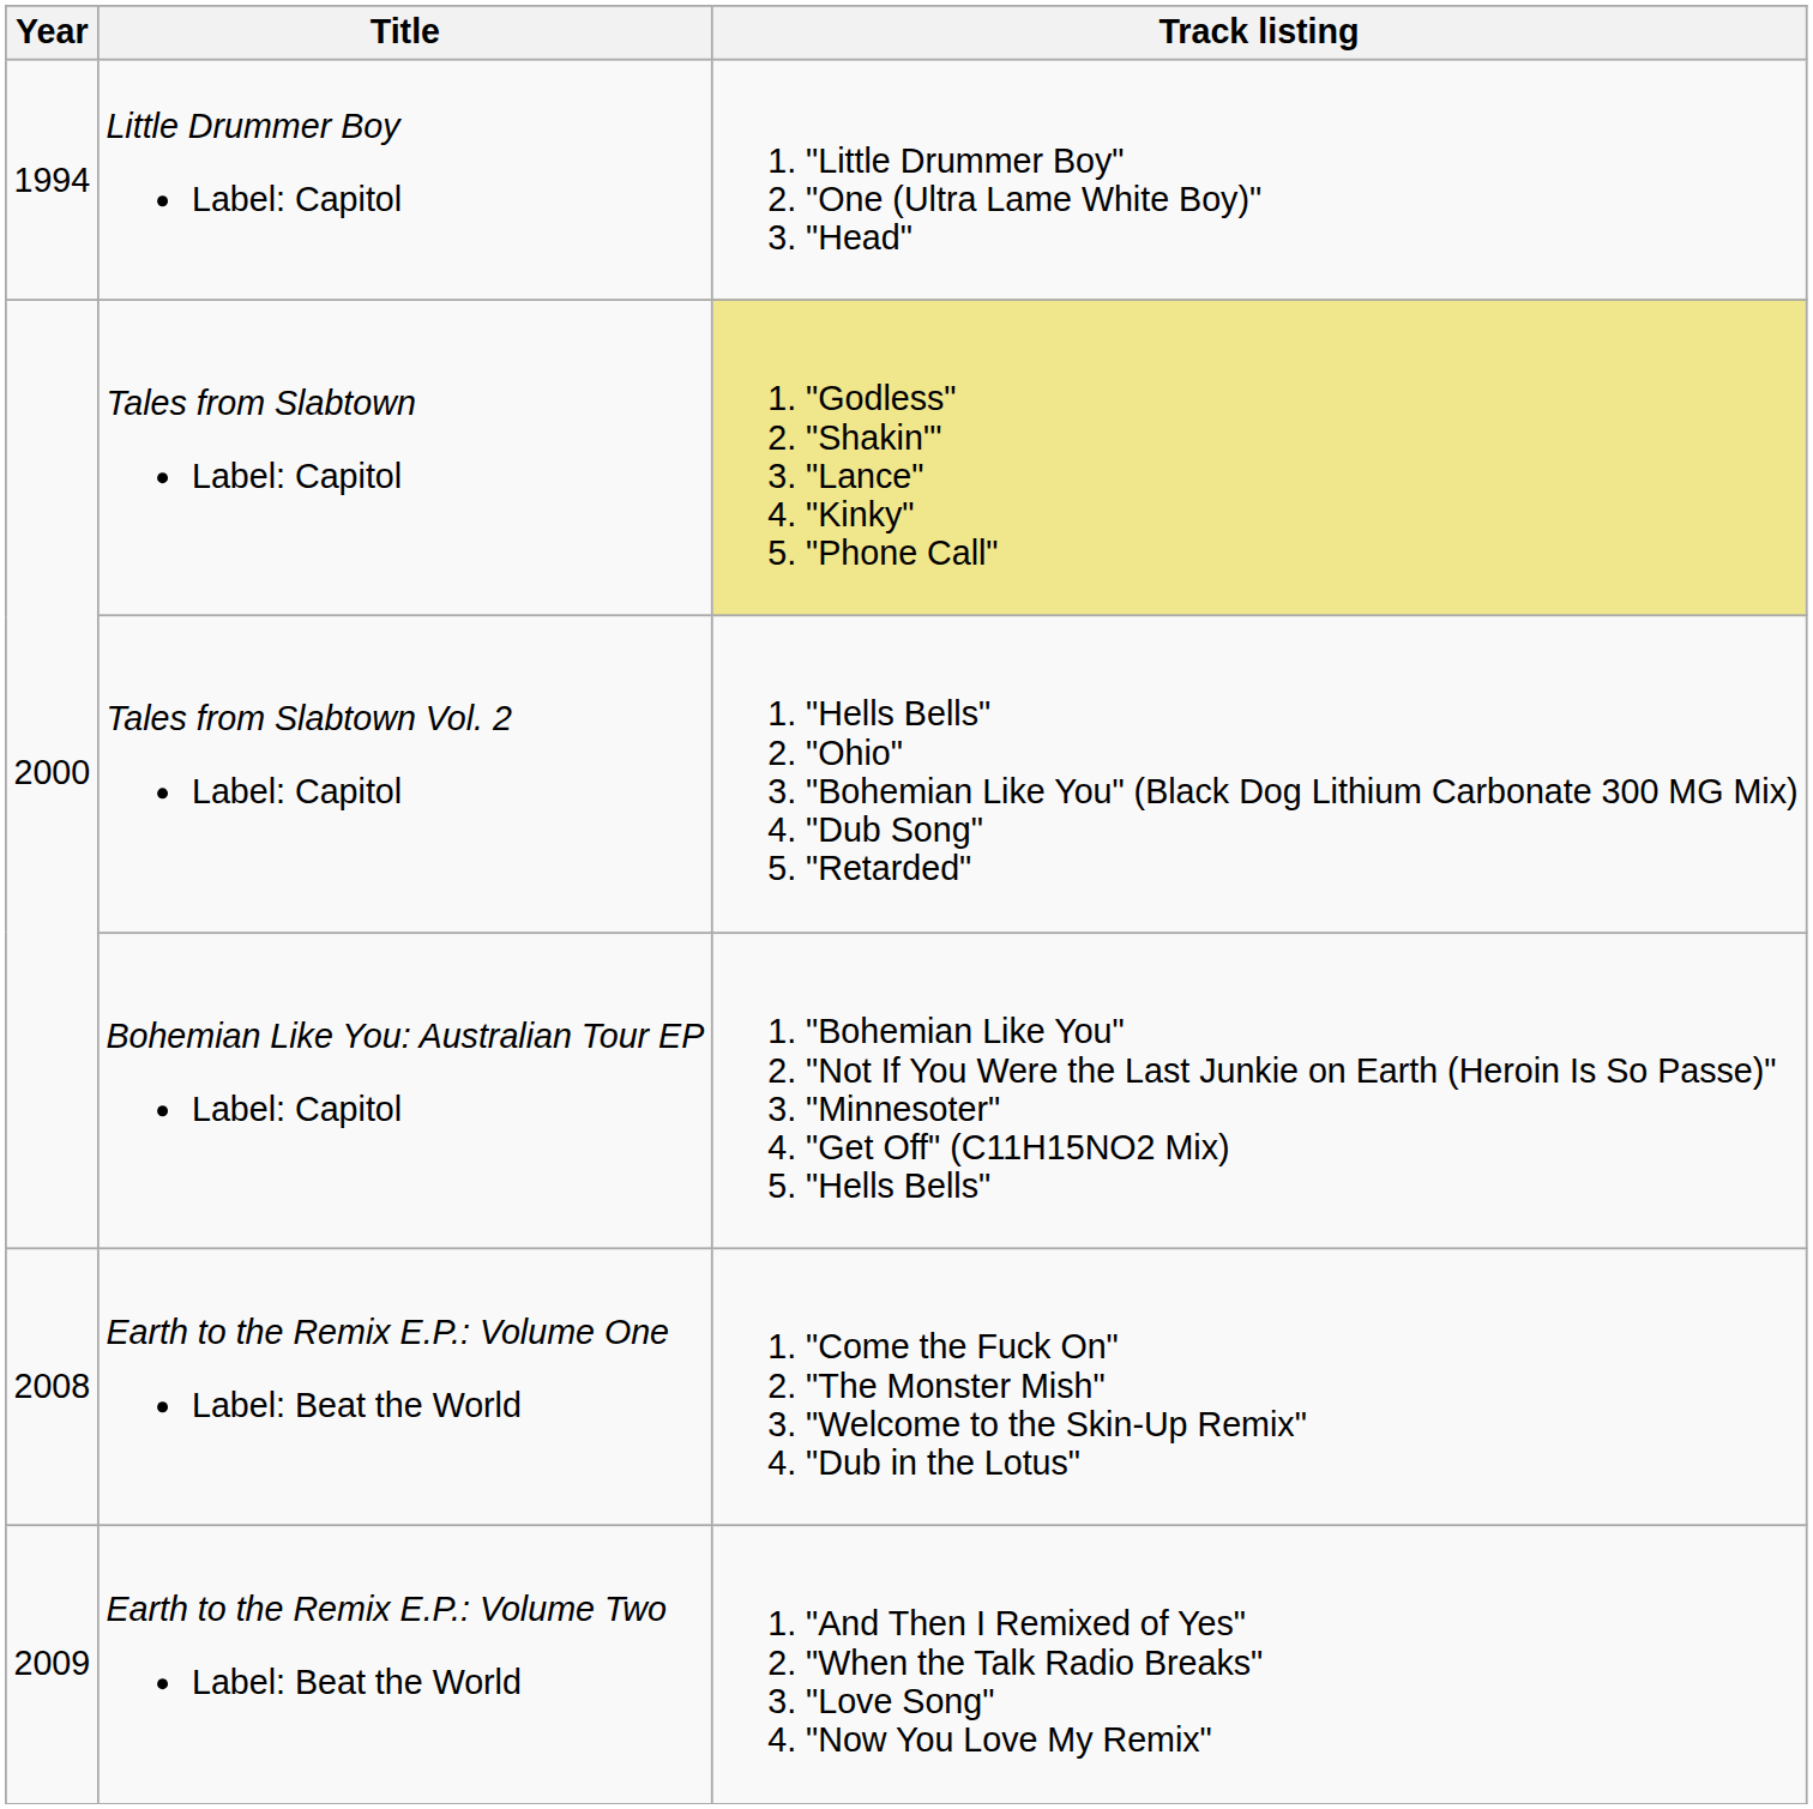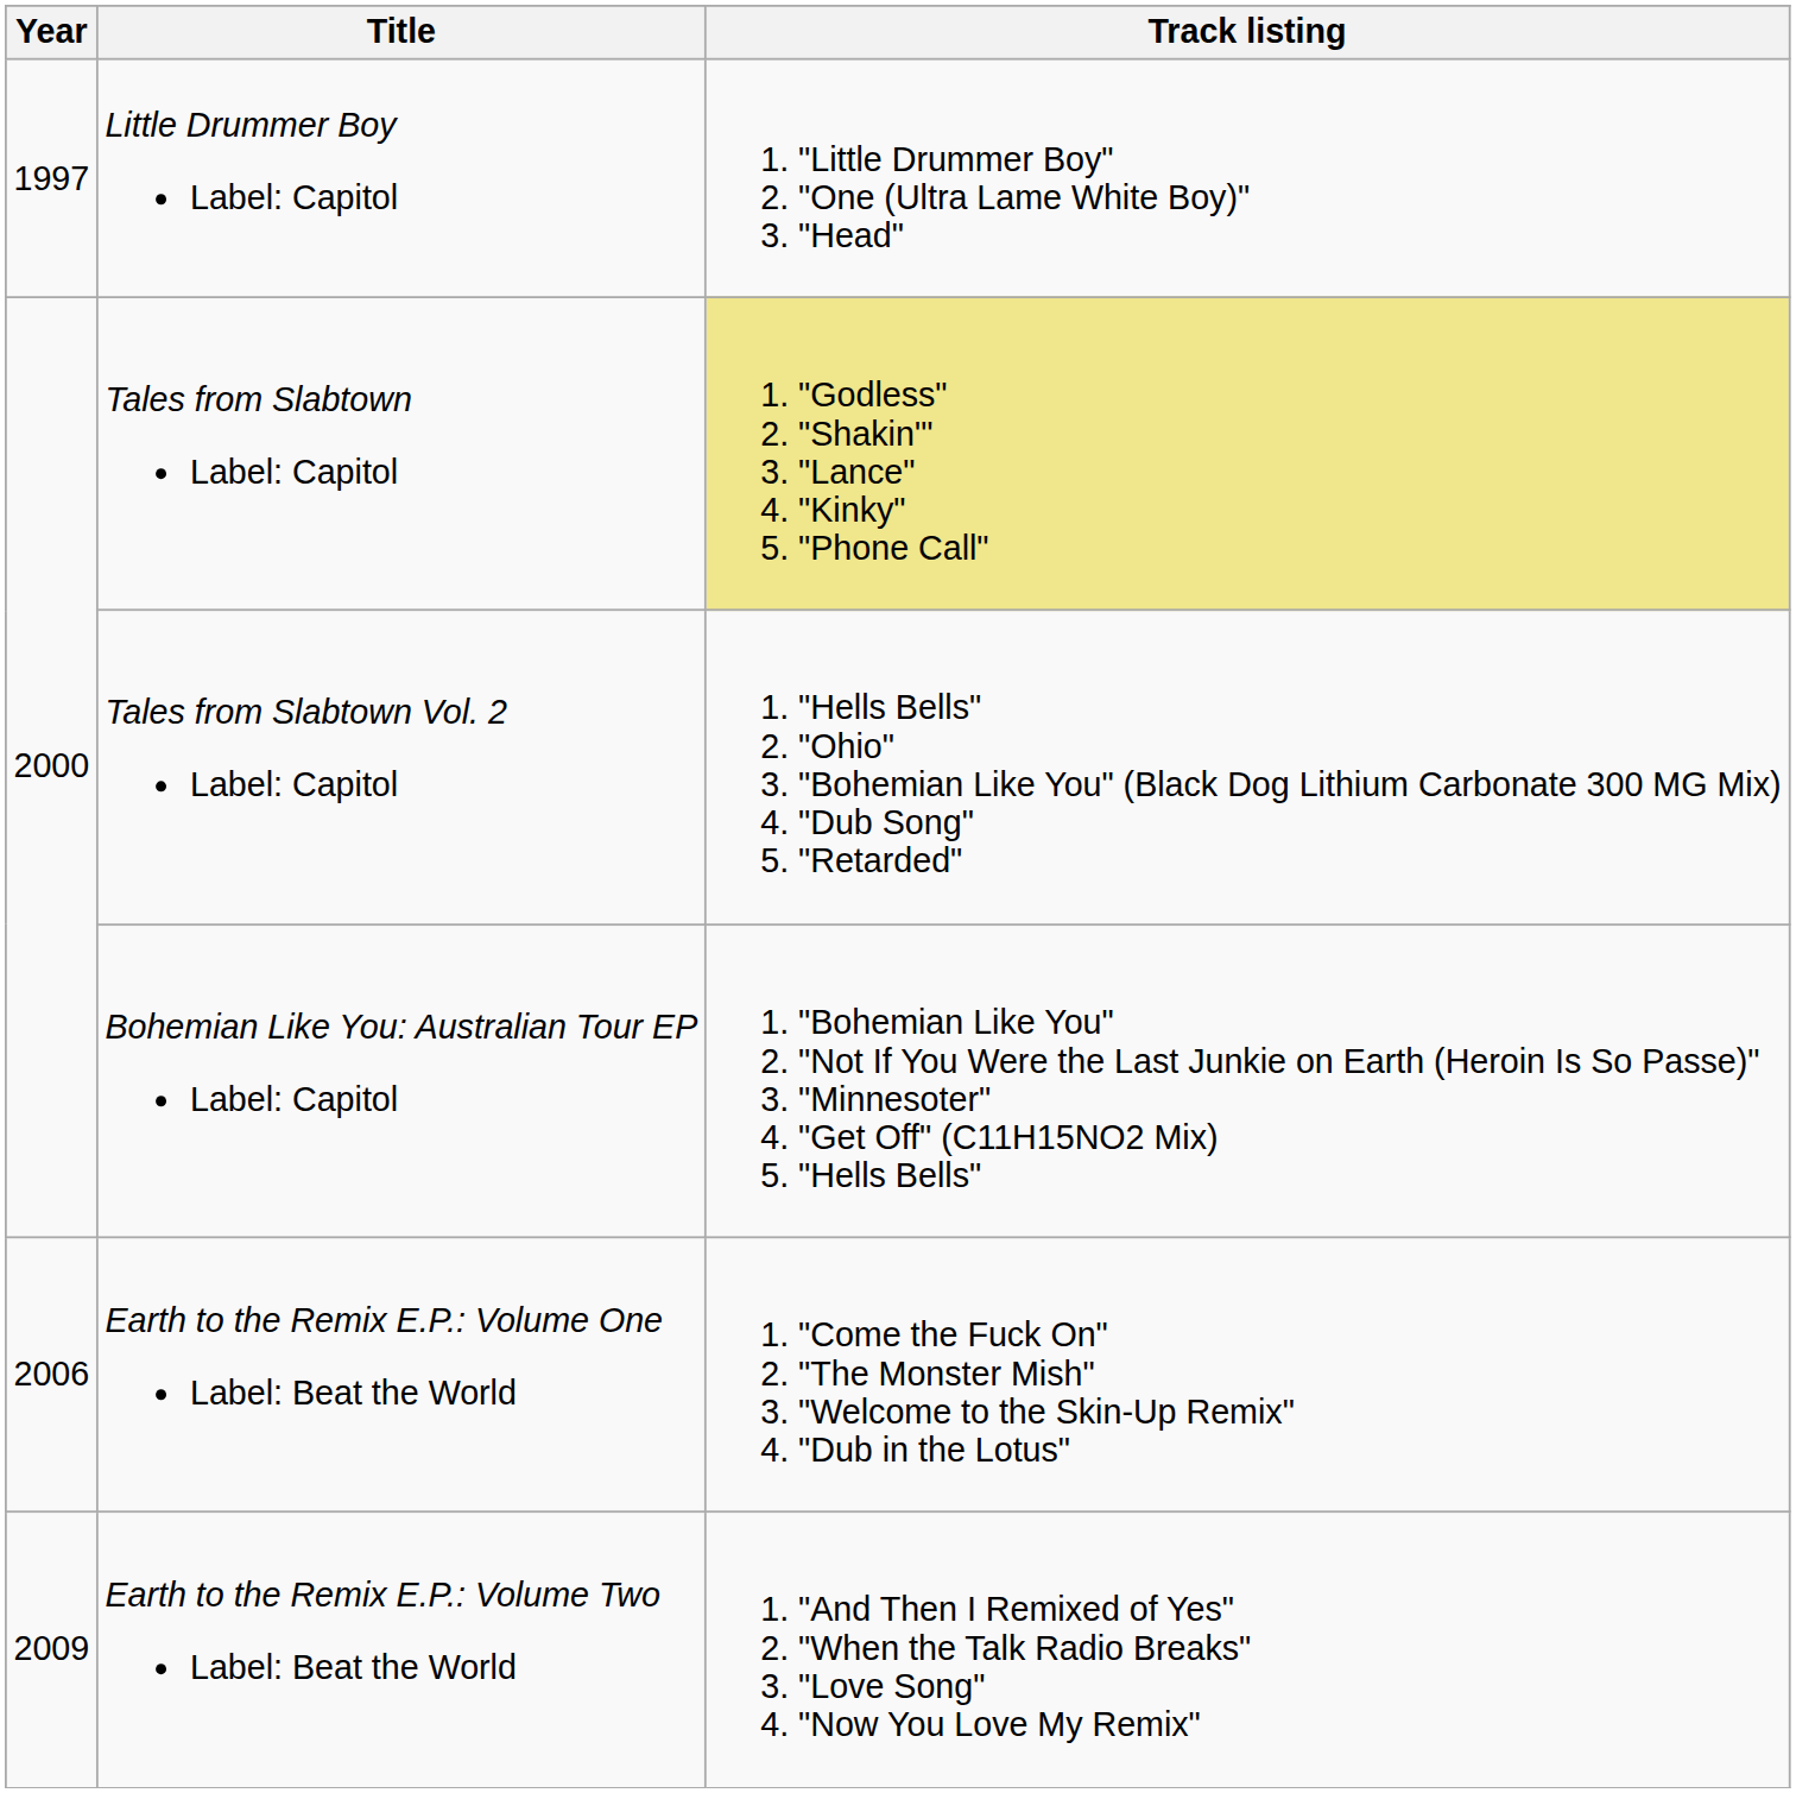 <table class="wikitable">
 <tr>
 <th>Year</th>
 <th>Title</th>
 <th>Track listing</th>
 </tr>
 <tr>
-<td>1994</td>
+<td>1997</td>
 <td><em>Little Drummer Boy</em><br><ul><li>Label: Capitol</li></ul></td>
 <td><br><ol><li>"Little Drummer Boy"</li><li>"One (Ultra Lame White Boy)"</li><li>"Head"</li></ol></td>
 </tr>
 <tr>
 <td rowspan="3">2000</td>
 <td><em>Tales from Slabtown</em><br><ul><li>Label: Capitol</li></ul></td>
 <td style="background: khaki;"><br><ol><li>"Godless"</li><li>"Shakin'"</li><li>"Lance"</li><li>"Kinky"</li><li>"Phone Call"</li></ol></td>
 </tr>
 <tr>
 <td><em>Tales from Slabtown Vol. 2</em><br><ul><li>Label: Capitol</li></ul></td>
 <td><br><ol><li>"Hells Bells"</li><li>"Ohio"</li><li>"Bohemian Like You" (Black Dog Lithium Carbonate 300 MG Mix)</li><li>"Dub Song"</li><li>"Retarded"</li></ol></td>
 </tr>
 <tr>
 <td><em>Bohemian Like You: Australian Tour EP</em><br><ul><li>Label: Capitol</li></ul></td>
 <td><br><ol><li>"Bohemian Like You"</li><li>"Not If You Were the Last Junkie on Earth (Heroin Is So Passe)"</li><li>"Minnesoter"</li><li>"Get Off" (C11H15NO2 Mix)</li><li>"Hells Bells"</li></ol></td>
 </tr>
 <tr>
-<td>2008</td>
+<td>2006</td>
 <td><em>Earth to the Remix E.P.: Volume One</em><br><ul><li>Label: Beat the World</li></ul></td>
 <td><br><ol><li>"Come the Fuck On"</li><li>"The Monster Mish"</li><li>"Welcome to the Skin-Up Remix"</li><li>"Dub in the Lotus"</li></ol></td>
 </tr>
 <tr>
 <td>2009</td>
 <td><em>Earth to the Remix E.P.: Volume Two</em><br><ul><li>Label: Beat the World</li></ul></td>
 <td><br><ol><li>"And Then I Remixed of Yes"</li><li>"When the Talk Radio Breaks"</li><li>"Love Song"</li><li>"Now You Love My Remix"</li></ol></td>
 </tr>
 </table>
